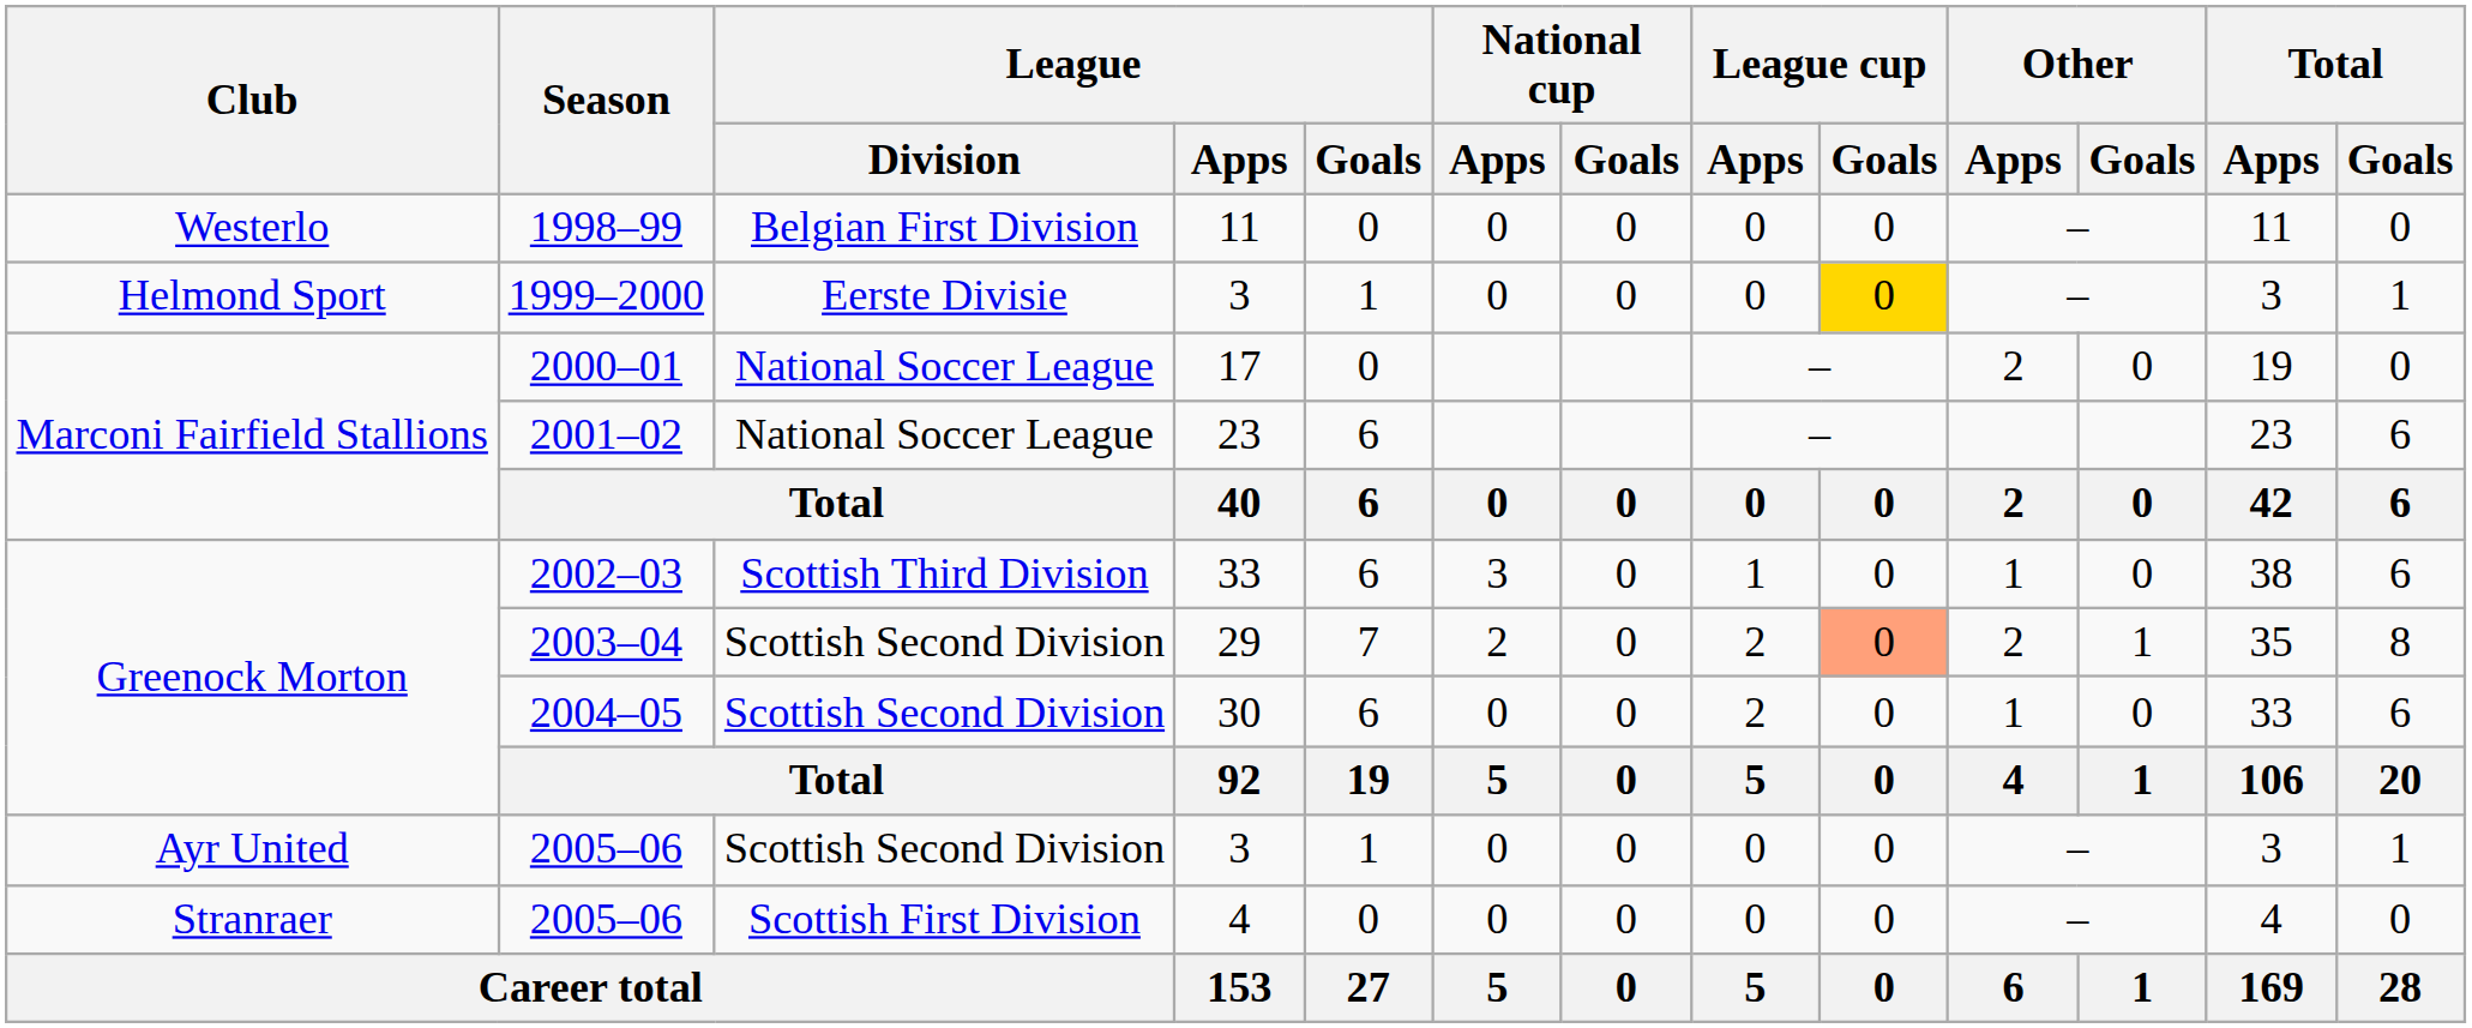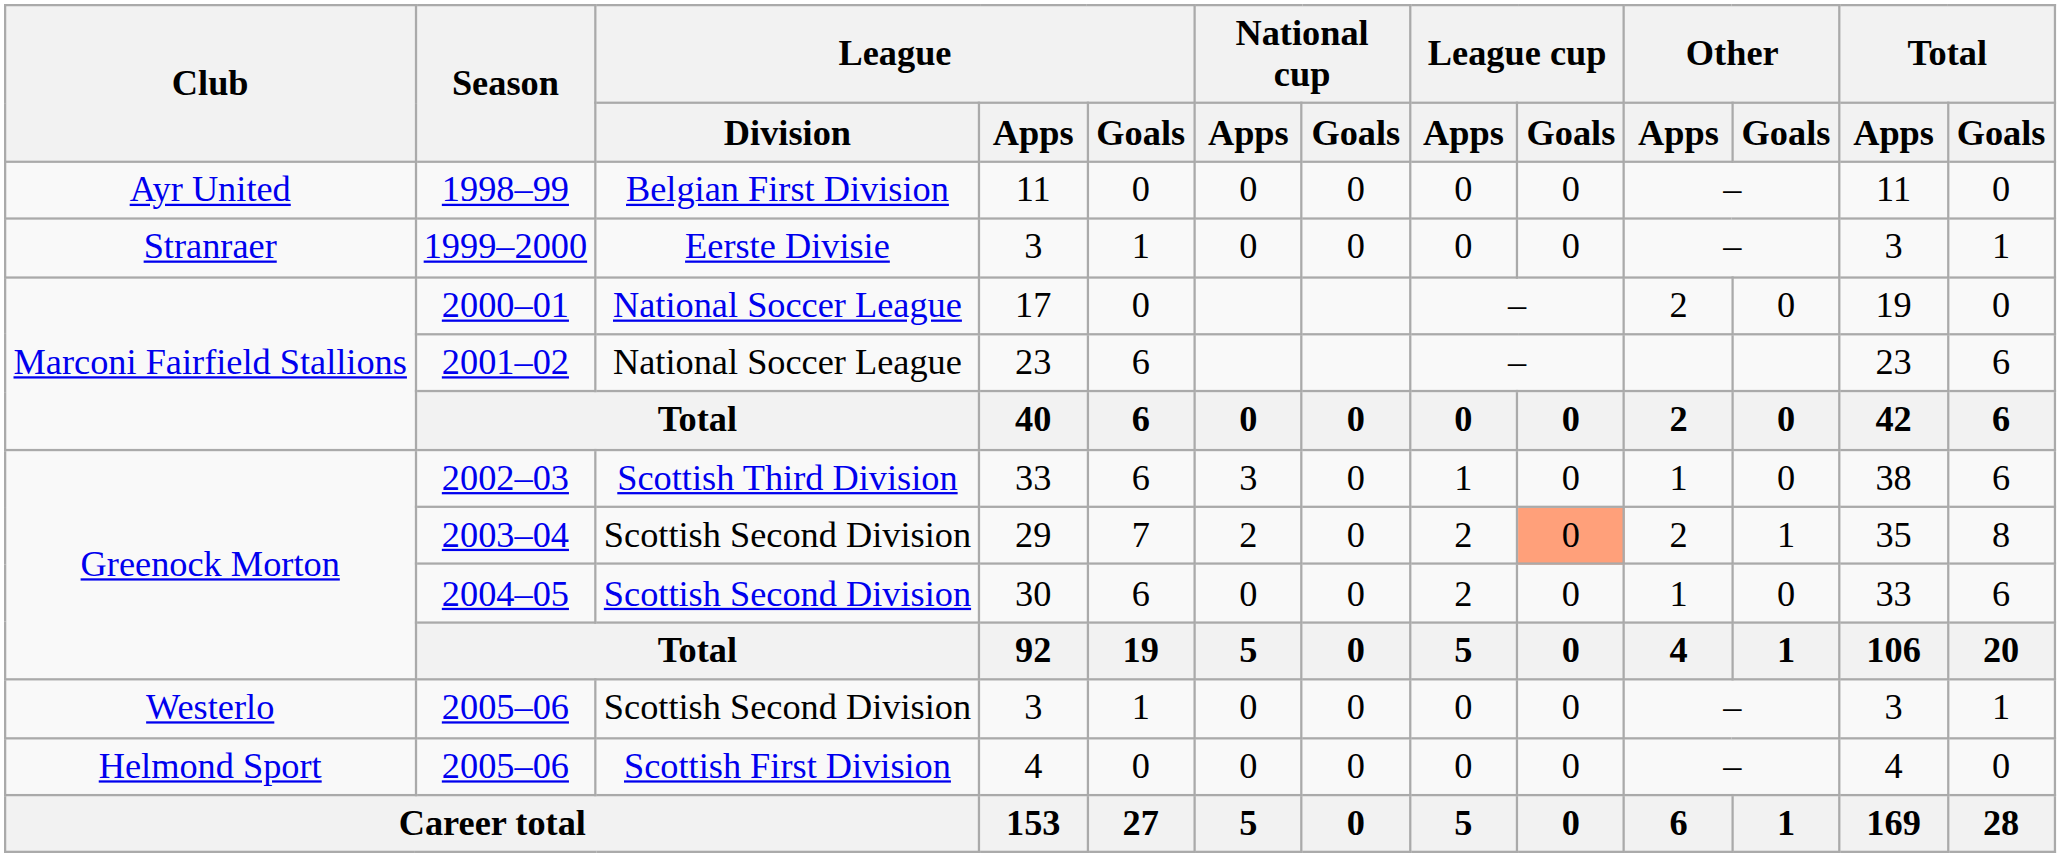 <table class="wikitable" style="text-align:center">
 <tr>
 <th rowspan="2">Club</th>
 <th rowspan="2">Season</th>
 <th colspan="3">League</th>
 <th colspan="2">National cup</th>
 <th colspan="2">League cup</th>
 <th colspan="2">Other</th>
 <th colspan="2">Total</th>
 </tr>
 <tr>
 <th>Division</th>
 <th width="40">Apps</th>
 <th width="40">Goals</th>
 <th width="40">Apps</th>
 <th width="40">Goals</th>
 <th width="40">Apps</th>
 <th width="40">Goals</th>
 <th width="40">Apps</th>
 <th width="40">Goals</th>
 <th width="40">Apps</th>
 <th width="40">Goals</th>
 </tr>
 <tr>
-<td><a href='#'>Westerlo</a></td>
+<td><a href='#'>Ayr United</a></td>
 <td><a href='#'>1998–99</a></td>
 <td><a href='#'>Belgian First Division</a></td>
 <td>11</td>
 <td>0</td>
 <td>0</td>
 <td>0</td>
 <td>0</td>
 <td>0</td>
 <td colspan="2">–</td>
 <td>11</td>
 <td>0</td>
 </tr>
 <tr>
-<td><a href='#'>Helmond Sport</a></td>
+<td><a href='#'>Stranraer</a></td>
 <td><a href='#'>1999–2000</a></td>
 <td><a href='#'>Eerste Divisie</a></td>
 <td>3</td>
 <td>1</td>
 <td>0</td>
 <td>0</td>
 <td>0</td>
-<td style="background: gold;">0</td>
+<td>0</td>
 <td colspan="2">–</td>
 <td>3</td>
 <td>1</td>
 </tr>
 <tr>
 <td rowspan="3"><a href='#'>Marconi Fairfield Stallions</a></td>
 <td><a href='#'>2000–01</a></td>
 <td><a href='#'>National Soccer League</a></td>
 <td>17</td>
 <td>0</td>
 <td></td>
 <td></td>
 <td colspan="2">–</td>
 <td>2</td>
 <td>0</td>
 <td>19</td>
 <td>0</td>
 </tr>
 <tr>
 <td><a href='#'>2001–02</a></td>
 <td>National Soccer League</td>
 <td>23</td>
 <td>6</td>
 <td></td>
 <td></td>
 <td colspan="2">–</td>
 <td></td>
 <td></td>
 <td>23</td>
 <td>6</td>
 </tr>
 <tr>
 <th colspan="2">Total</th>
 <th>40</th>
 <th>6</th>
 <th>0</th>
 <th>0</th>
 <th>0</th>
 <th>0</th>
 <th>2</th>
 <th>0</th>
 <th>42</th>
 <th>6</th>
 </tr>
 <tr>
 <td rowspan="4"><a href='#'>Greenock Morton</a></td>
 <td><a href='#'>2002–03</a></td>
 <td><a href='#'>Scottish Third Division</a></td>
 <td>33</td>
 <td>6</td>
 <td>3</td>
 <td>0</td>
 <td>1</td>
 <td>0</td>
 <td>1</td>
 <td>0</td>
 <td>38</td>
 <td>6</td>
 </tr>
 <tr>
 <td><a href='#'>2003–04</a></td>
 <td>Scottish Second Division</td>
 <td>29</td>
 <td>7</td>
 <td>2</td>
 <td>0</td>
 <td>2</td>
 <td style="background: lightsalmon;">0</td>
 <td>2</td>
 <td>1</td>
 <td>35</td>
 <td>8</td>
 </tr>
 <tr>
 <td><a href='#'>2004–05</a></td>
 <td><a href='#'>Scottish Second Division</a></td>
 <td>30</td>
 <td>6</td>
 <td>0</td>
 <td>0</td>
 <td>2</td>
 <td>0</td>
 <td>1</td>
 <td>0</td>
 <td>33</td>
 <td>6</td>
 </tr>
 <tr>
 <th colspan="2">Total</th>
 <th>92</th>
 <th>19</th>
 <th>5</th>
 <th>0</th>
 <th>5</th>
 <th>0</th>
 <th>4</th>
 <th>1</th>
 <th>106</th>
 <th>20</th>
 </tr>
 <tr>
-<td><a href='#'>Ayr United</a></td>
+<td><a href='#'>Westerlo</a></td>
 <td><a href='#'>2005–06</a></td>
 <td>Scottish Second Division</td>
 <td>3</td>
 <td>1</td>
 <td>0</td>
 <td>0</td>
 <td>0</td>
 <td>0</td>
 <td colspan="2">–</td>
 <td>3</td>
 <td>1</td>
 </tr>
 <tr>
-<td><a href='#'>Stranraer</a></td>
+<td><a href='#'>Helmond Sport</a></td>
 <td><a href='#'>2005–06</a></td>
 <td><a href='#'>Scottish First Division</a></td>
 <td>4</td>
 <td>0</td>
 <td>0</td>
 <td>0</td>
 <td>0</td>
 <td>0</td>
 <td colspan="2">–</td>
 <td>4</td>
 <td>0</td>
 </tr>
 <tr>
 <th colspan="3">Career total</th>
 <th>153</th>
 <th>27</th>
 <th>5</th>
 <th>0</th>
 <th>5</th>
 <th>0</th>
 <th>6</th>
 <th>1</th>
 <th>169</th>
 <th>28</th>
 </tr>
 </table>
